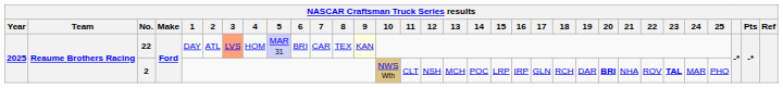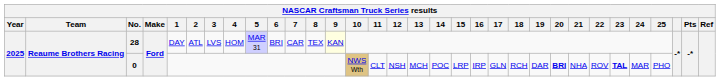 <table class="wikitable" style="text-align:center; font-size:75%">
 <tr>
 <th colspan=32><a href='#'>NASCAR Craftsman Truck Series</a> results</th>
 </tr>
 <tr>
 <th>Year</th>
 <th>Team</th>
 <th>No.</th>
 <th>Make</th>
 <th>1</th>
 <th>2</th>
 <th>3</th>
 <th>4</th>
 <th>5</th>
 <th>6</th>
 <th>7</th>
 <th>8</th>
 <th>9</th>
 <th>10</th>
 <th>11</th>
 <th>12</th>
 <th>13</th>
 <th>14</th>
 <th>15</th>
 <th>16</th>
 <th>17</th>
 <th>18</th>
 <th>19</th>
 <th>20</th>
 <th>21</th>
 <th>22</th>
 <th>23</th>
 <th>24</th>
 <th>25</th>
 <th></th>
 <th>Pts</th>
 <th>Ref</th>
 </tr>
 <tr>
 <th rowspan=2><a href='#'>2025</a></th>
 <th rowspan=2><a href='#'>Reaume Brothers Racing</a></th>
-<th>22</th>
+<th>28</th>
 <th rowspan=2><a href='#'>Ford</a></th>
 <td><a href='#'>DAY</a></td>
 <td><a href='#'>ATL</a></td>
-<td style="background: lightsalmon;"><a href='#'>LVS</a></td>
+<td><a href='#'>LVS</a></td>
 <td><a href='#'>HOM</a></td>
 <td style="background:#CFCFFF;"><a href='#'>MAR</a><br><small>31</small></td>
 <td><a href='#'>BRI</a></td>
 <td><a href='#'>CAR</a></td>
 <td><a href='#'>TEX</a></td>
 <td style="background: lightyellow;"><a href='#'>KAN</a></td>
 <td colspan=16></td>
 <th rowspan=2>-*</th>
 <th rowspan=2>-*</th>
 <th rowspan=2></th>
 </tr>
 <tr>
-<th>2</th>
+<th>0</th>
 <td colspan=9></td>
 <td style="background:#DFC484;"><a href='#'>NWS</a><br><small>Wth</small></td>
 <td><a href='#'>CLT</a></td>
 <td><a href='#'>NSH</a></td>
 <td><a href='#'>MCH</a></td>
 <td><a href='#'>POC</a></td>
 <td><a href='#'>LRP</a></td>
 <td><a href='#'>IRP</a></td>
 <td><a href='#'>GLN</a></td>
 <td><a href='#'>RCH</a></td>
 <td><a href='#'>DAR</a></td>
 <td><strong><a href='#'>BRI</a></strong></td>
 <td><a href='#'>NHA</a></td>
 <td><a href='#'>ROV</a></td>
 <td><strong><a href='#'>TAL</a></strong></td>
 <td><a href='#'>MAR</a></td>
 <td><a href='#'>PHO</a></td>
 </tr>
 </table>
